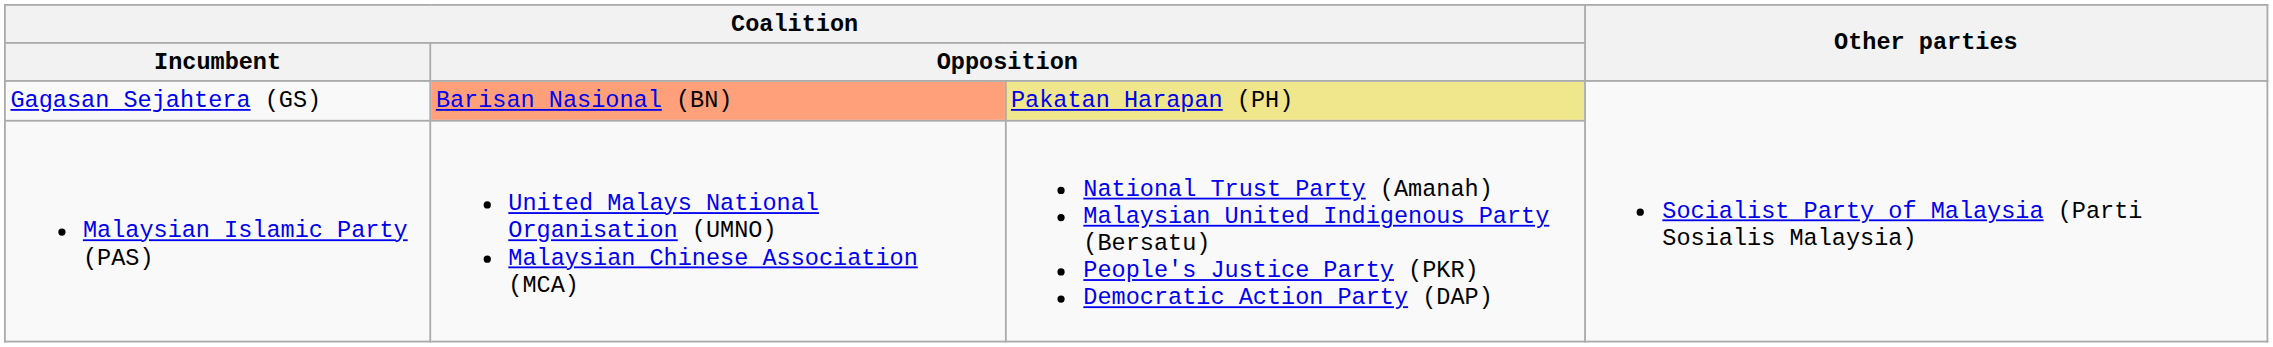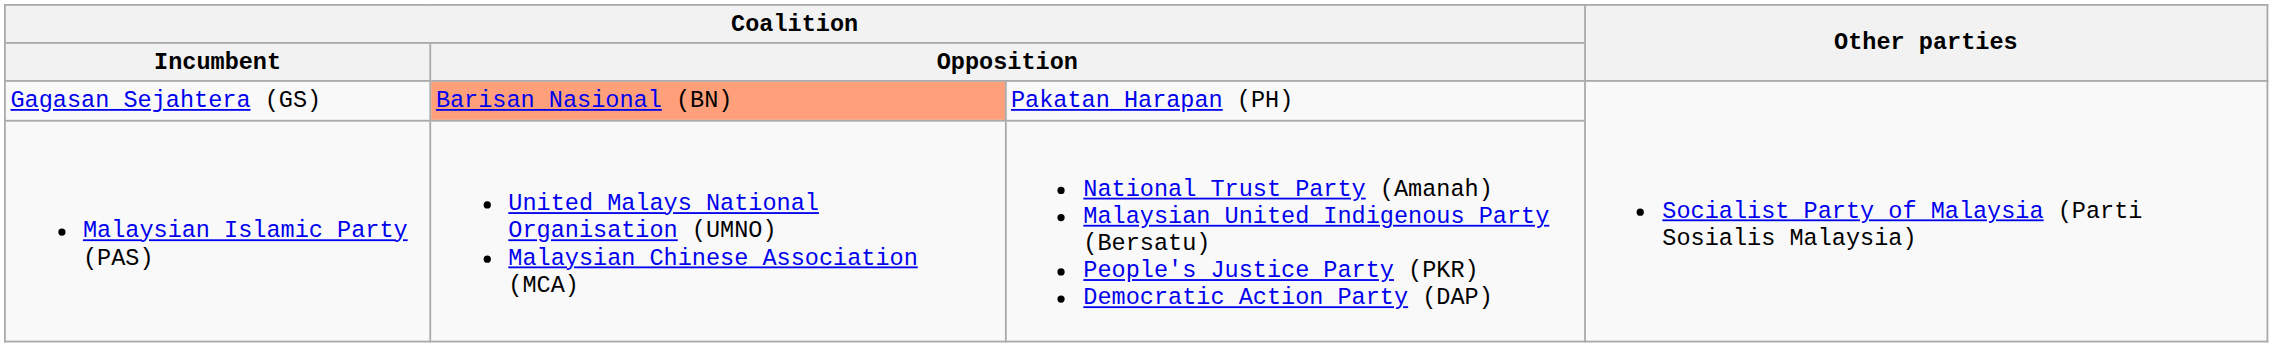 <table class="wikitable">
 <tr>
 <th colspan="3">Coalition</th>
 <th rowspan="2">Other parties</th>
 </tr>
 <tr>
 <th>Incumbent</th>
 <th colspan="2">Opposition</th>
 </tr>
 <tr>
 <td><a href='#'>Gagasan Sejahtera</a> (GS)</td>
 <td style="background: lightsalmon;"><a href='#'>Barisan Nasional</a> (BN)</td>
-<td style="background: khaki;"> <a href='#'>Pakatan Harapan</a> (PH)</td>
+<td> <a href='#'>Pakatan Harapan</a> (PH)</td>
 <td rowspan="2"><br><ul><li> <a href='#'>Socialist Party of Malaysia</a> (Parti Sosialis Malaysia) </li></ul></td>
 </tr>
 <tr>
 <td><br><ul><li> <a href='#'>Malaysian Islamic Party</a> (PAS)</li></ul></td>
 <td><br><ul><li> <a href='#'>United Malays National Organisation</a> (UMNO)</li><li> <a href='#'>Malaysian Chinese Association</a> (MCA)</li></ul></td>
 <td><br><ul><li> <a href='#'>National Trust Party</a> (Amanah)</li><li> <a href='#'>Malaysian United Indigenous Party</a> (Bersatu)</li><li> <a href='#'>People's Justice Party</a> (PKR)</li><li> <a href='#'>Democratic Action Party</a> (DAP)</li></ul></td>
 </tr>
 </table>
